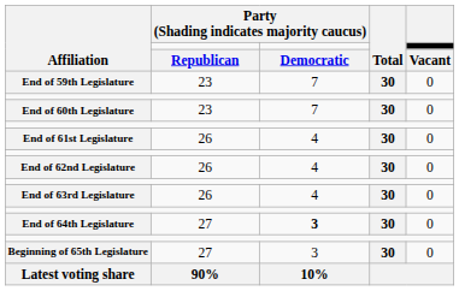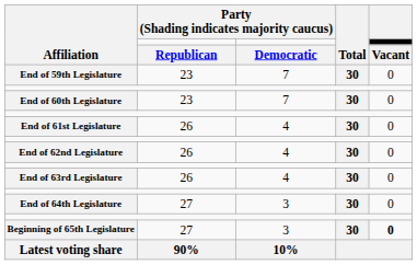 <table class=wikitable style="text-align:center">
 <tr style="vertical-align:bottom;">
 <th rowspan=3>Affiliation</th>
 <th colspan=2>Party <div>(Shading indicates majority caucus)</div></th>
 <th rowspan=3>Total</th>
 <th></th>
 </tr>
 <tr -style="height:5px">
 <td style="background-color:"></td>
 <td style="background-color:"></td>
 <td style="background-color:black"></td>
 </tr>
 <tr>
 <th><a href='#'>Republican</a></th>
 <th><a href='#'>Democratic</a></th>
 <th>Vacant</th>
 </tr>
 <tr>
 <th nowrap style="font-size:80%">End of 59th Legislature</th>
 <td>23</td>
 <td>7</td>
 <th>30</th>
 <td>0</td>
 </tr>
 <tr>
 <td colspan=5></td>
 </tr>
 <tr>
 <th nowrap style="font-size:80%">End of 60th Legislature</th>
 <td>23</td>
 <td>7</td>
 <th>30</th>
 <td>0</td>
 </tr>
 <tr>
 <td colspan=5></td>
 </tr>
 <tr>
 <th nowrap style="font-size:80%">End of 61st Legislature</th>
 <td>26</td>
 <td>4</td>
 <th>30</th>
 <td>0</td>
 </tr>
 <tr>
 <td colspan=5></td>
 </tr>
 <tr>
 <th nowrap style="font-size:80%">End of 62nd Legislature</th>
 <td>26</td>
 <td>4</td>
 <th>30</th>
 <td>0</td>
 </tr>
 <tr>
 <td colspan=5></td>
 </tr>
 <tr>
 <th nowrap style="font-size:80%">End of 63rd Legislature</th>
 <td>26</td>
 <td>4</td>
 <th>30</th>
 <td>0</td>
 </tr>
 <tr>
 <td colspan=5></td>
 </tr>
 <tr>
 <th nowrap style="font-size:80%">End of 64th Legislature</th>
 <td>27</td>
-<td><strong>3</strong></td>
+<td>3</td>
 <th>30</th>
 <td>0</td>
 </tr>
 <tr>
 <td colspan=5></td>
 </tr>
 <tr>
 <th nowrap style="font-size:80%">Beginning of 65th Legislature</th>
 <td>27</td>
 <td>3</td>
 <th>30</th>
-<td>0</td>
+<td><strong>0</strong></td>
 </tr>
 <tr>
 <th>Latest voting share</th>
 <th>90% </th>
 <th>10%</th>
 <th colspan=2></th>
 </tr>
 </table>
